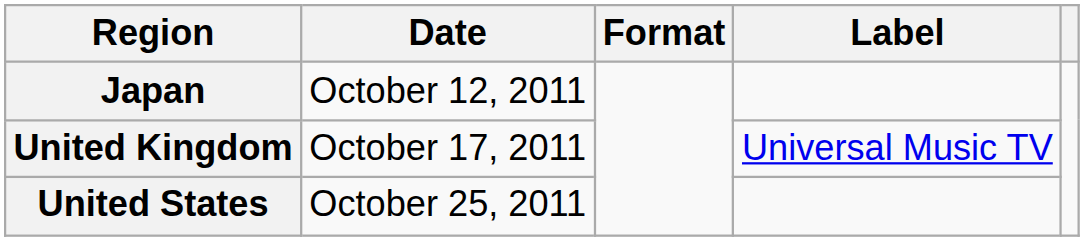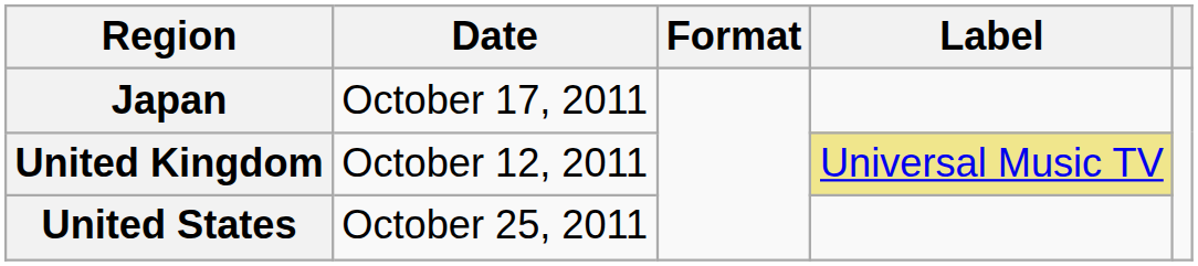 <table class="wikitable plainrowheaders">
 <tr>
 <th scope="col">Region</th>
 <th scope="col">Date</th>
 <th scope="col">Format</th>
 <th scope="col">Label</th>
 <th scope="col"></th>
 </tr>
 <tr>
 <th scope="row">Japan</th>
-<td>October 12, 2011</td>
+<td>October 17, 2011</td>
 <td rowspan="3"></td>
 <td></td>
 <td rowspan="3" align="center"></td>
 </tr>
 <tr>
 <th scope="row">United Kingdom</th>
-<td>October 17, 2011</td>
-<td><a href='#'>Universal Music TV</a></td>
+<td>October 12, 2011</td>
+<td style="background: khaki;"><a href='#'>Universal Music TV</a></td>
 </tr>
 <tr>
 <th scope="row">United States</th>
 <td>October 25, 2011</td>
 <td></td>
 </tr>
 </table>
